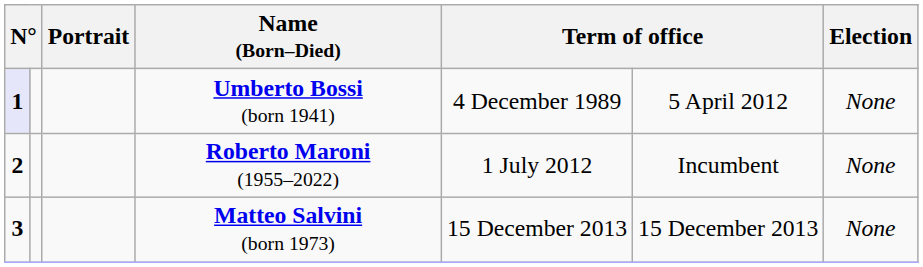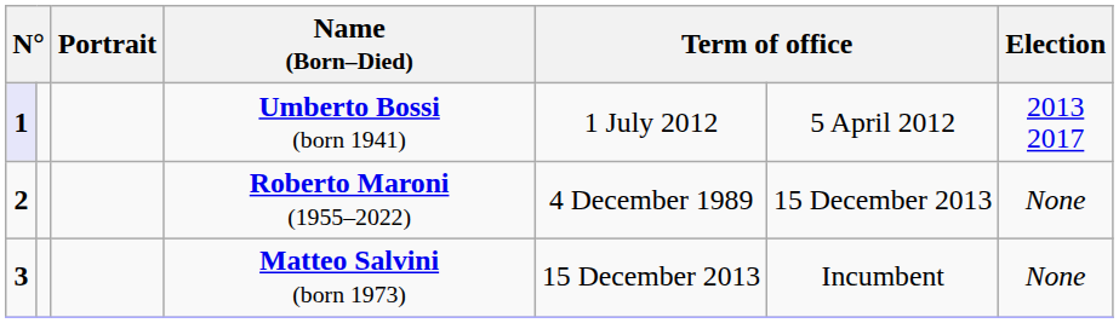 <table class="wikitable" style="text-align:center; border:1px #AAAAFF solid">
 <tr>
 <th colspan="2">N°</th>
 <th>Portrait</th>
 <th width=200px>Name<br><small>(Born–Died)</small></th>
 <th width=200px colspan=2>Term of office</th>
 <th>Election</th>
 </tr>
 <tr>
 <td style="background: lavender;"><strong>1</strong></td>
 <td style="background: "></td>
 <td></td>
 <td><strong><a href='#'>Umberto Bossi</a></strong><br><small>(born 1941)</small></td>
-<td>4 December 1989</td>
+<td>1 July 2012</td>
 <td>5 April 2012</td>
-<td><em>None</em></td>
+<td><a href='#'>2013</a><br><a href='#'>2017</a></td>
 </tr>
 <tr>
 <td><strong>2</strong></td>
 <td style="background: "></td>
 <td></td>
 <td><strong><a href='#'>Roberto Maroni</a></strong><br><small>(1955–2022)</small></td>
-<td>1 July 2012</td>
-<td>Incumbent</td>
+<td>4 December 1989</td>
+<td>15 December 2013</td>
 <td><em>None</em></td>
 </tr>
 <tr>
 <td><strong>3</strong></td>
 <td style="background: "></td>
 <td></td>
 <td><strong><a href='#'>Matteo Salvini</a></strong><br><small>(born 1973)</small></td>
 <td>15 December 2013</td>
-<td>15 December 2013</td>
+<td>Incumbent</td>
 <td><em>None</em></td>
 </tr>
 <tr>
 </tr>
 </table>
